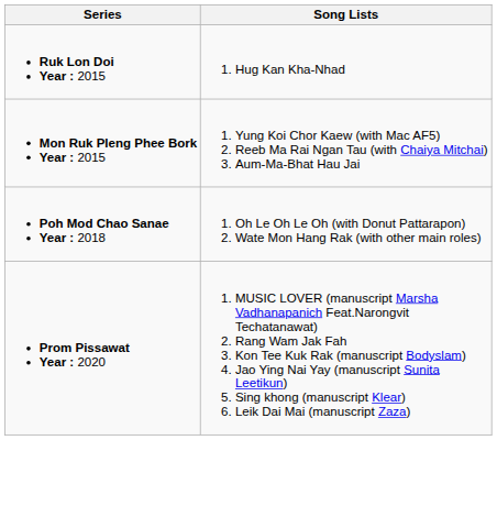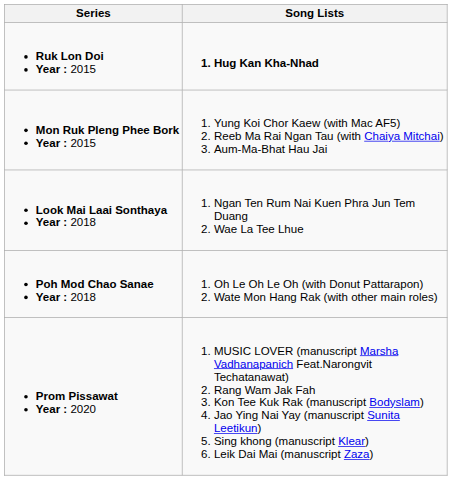 <table class="wikitable">
 <tr>
 <th align="center" width="240px">Series</th>
 <th align="center" width="360px">Song Lists</th>
 </tr>
 <tr>
 <td align = "left"><br><ul><li><strong>Ruk Lon Doi</strong></li><li><strong>Year :</strong> 2015</li></ul></td>
-<td><br><ol><li>Hug Kan Kha-Nhad</li></ol></td>
+<td><strong><br><ol><li>Hug Kan Kha-Nhad</li></ol></strong></td>
 </tr>
 <tr>
 <td align = "left"><br><ul><li><strong>Mon Ruk Pleng Phee Bork</strong></li><li><strong>Year :</strong> 2015</li></ul></td>
 <td><br><ol><li>Yung Koi Chor Kaew (with Mac AF5)</li><li>Reeb Ma Rai Ngan Tau (with <a href='#'>Chaiya Mitchai</a>)</li><li>Aum-Ma-Bhat Hau Jai</li></ol></td>
+</tr>
+<tr>
+<td align = "left"><br><ul><li><strong>Look Mai Laai Sonthaya</strong></li><li><strong>Year :</strong> 2018</li></ul></td>
+<td><br><ol><li>Ngan Ten Rum Nai Kuen Phra Jun Tem Duang</li><li>Wae La Tee Lhue</li></ol></td>
 </tr>
 <tr>
 <td align = "left"><br><ul><li><strong>Poh Mod Chao Sanae</strong></li><li><strong>Year :</strong> 2018</li></ul></td>
 <td><br><ol><li>Oh Le Oh Le Oh (with Donut Pattarapon)</li><li>Wate Mon Hang Rak (with other main roles)</li></ol></td>
 </tr>
 <tr>
 <td align = "left"><br><ul><li><strong>Prom Pissawat</strong></li><li><strong>Year :</strong> 2020</li></ul></td>
 <td><br><ol><li>MUSIC LOVER (manuscript <a href='#'>Marsha Vadhanapanich</a> Feat.Narongvit Techatanawat)</li><li>Rang Wam Jak Fah</li><li>Kon Tee Kuk Rak (manuscript <a href='#'>Bodyslam</a>)</li><li>Jao Ying Nai Yay (manuscript <a href='#'>Sunita Leetikun</a>)</li><li>Sing khong (manuscript <a href='#'>Klear</a>)</li><li>Leik Dai Mai (manuscript <a href='#'>Zaza</a>)</li></ol></td>
 </tr>
 </table>
